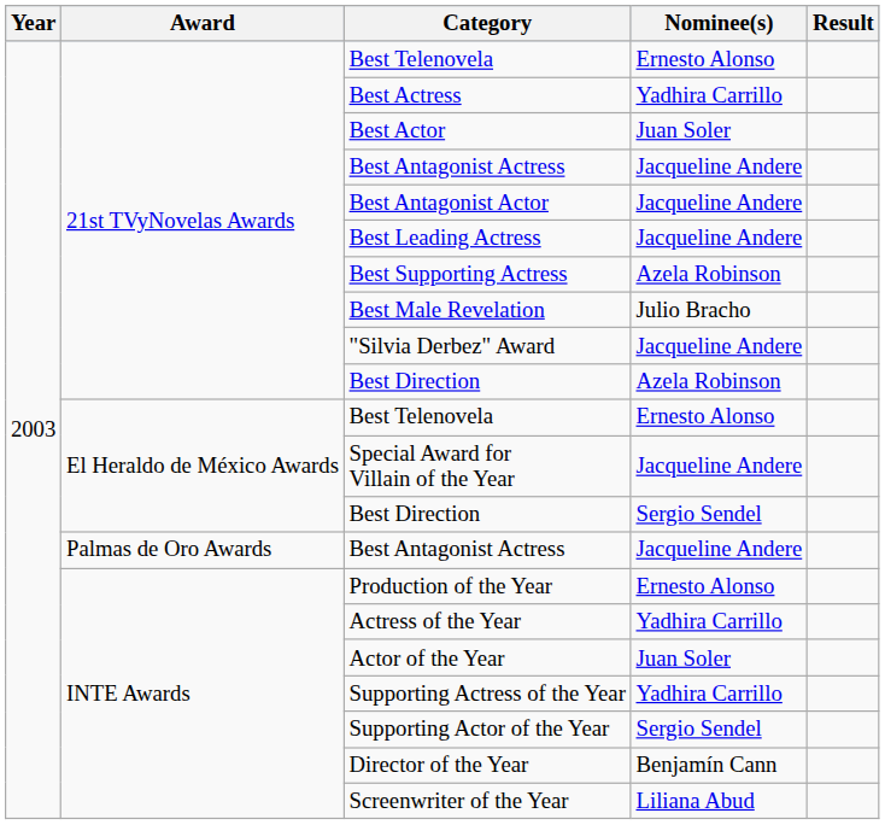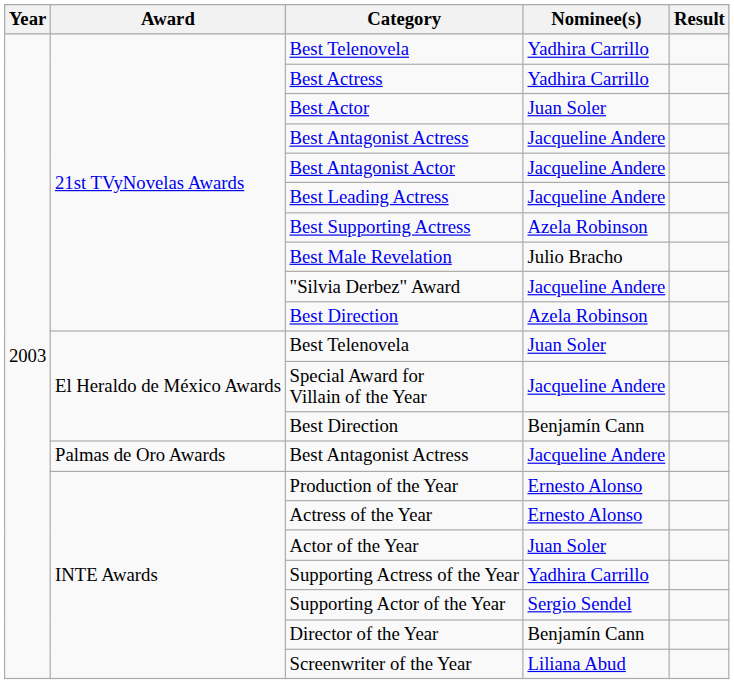 <table class="wikitable">
 <tr style="background:#b0c4de;">
 <th>Year</th>
 <th>Award</th>
 <th>Category</th>
 <th>Nominee(s)</th>
 <th>Result</th>
 </tr>
 <tr>
 <td rowspan=21>2003</td>
 <td rowspan=10><a href='#'>21st TVyNovelas Awards</a></td>
 <td><a href='#'>Best Telenovela</a></td>
-<td><a href='#'>Ernesto Alonso</a></td>
+<td><a href='#'>Yadhira Carrillo</a></td>
 <td></td>
 </tr>
 <tr>
 <td><a href='#'>Best Actress</a></td>
 <td><a href='#'>Yadhira Carrillo</a></td>
 <td></td>
 </tr>
 <tr>
 <td><a href='#'>Best Actor</a></td>
 <td><a href='#'>Juan Soler</a></td>
 <td></td>
 </tr>
 <tr>
 <td><a href='#'>Best Antagonist Actress</a></td>
 <td><a href='#'>Jacqueline Andere</a></td>
 <td></td>
 </tr>
 <tr>
 <td><a href='#'>Best Antagonist Actor</a></td>
 <td><a href='#'>Jacqueline Andere</a></td>
 <td></td>
 </tr>
 <tr>
 <td><a href='#'>Best Leading Actress</a></td>
 <td><a href='#'>Jacqueline Andere</a></td>
 <td></td>
 </tr>
 <tr>
 <td><a href='#'>Best Supporting Actress</a></td>
 <td><a href='#'>Azela Robinson</a></td>
 <td></td>
 </tr>
 <tr>
 <td><a href='#'>Best Male Revelation</a></td>
 <td>Julio Bracho</td>
 <td></td>
 </tr>
 <tr>
 <td>"Silvia Derbez" Award</td>
 <td><a href='#'>Jacqueline Andere</a></td>
 <td></td>
 </tr>
 <tr>
 <td><a href='#'>Best Direction</a></td>
 <td><a href='#'>Azela Robinson</a></td>
 <td></td>
 </tr>
 <tr>
 <td rowspan=3>El Heraldo de México Awards</td>
 <td>Best Telenovela</td>
-<td><a href='#'>Ernesto Alonso</a></td>
+<td><a href='#'>Juan Soler</a></td>
 <td></td>
 </tr>
 <tr>
 <td>Special Award for <br> Villain of the Year</td>
 <td><a href='#'>Jacqueline Andere</a></td>
 <td></td>
 </tr>
 <tr>
 <td>Best Direction</td>
-<td><a href='#'>Sergio Sendel</a></td>
+<td>Benjamín Cann</td>
 <td></td>
 </tr>
 <tr>
 <td>Palmas de Oro Awards</td>
 <td>Best Antagonist Actress</td>
 <td><a href='#'>Jacqueline Andere</a></td>
 <td></td>
 </tr>
 <tr>
 <td rowspan=7>INTE Awards</td>
 <td>Production of the Year</td>
 <td><a href='#'>Ernesto Alonso</a></td>
 <td></td>
 </tr>
 <tr>
 <td>Actress of the Year</td>
-<td><a href='#'>Yadhira Carrillo</a></td>
+<td><a href='#'>Ernesto Alonso</a></td>
 <td></td>
 </tr>
 <tr>
 <td>Actor of the Year</td>
 <td><a href='#'>Juan Soler</a></td>
 <td></td>
 </tr>
 <tr>
 <td>Supporting Actress of the Year</td>
 <td><a href='#'>Yadhira Carrillo</a></td>
 <td></td>
 </tr>
 <tr>
 <td>Supporting Actor of the Year</td>
 <td><a href='#'>Sergio Sendel</a></td>
 <td></td>
 </tr>
 <tr>
 <td>Director of the Year</td>
 <td>Benjamín Cann</td>
 <td></td>
 </tr>
 <tr>
 <td>Screenwriter of the Year</td>
 <td><a href='#'>Liliana Abud</a></td>
 <td></td>
 </tr>
 </table>
